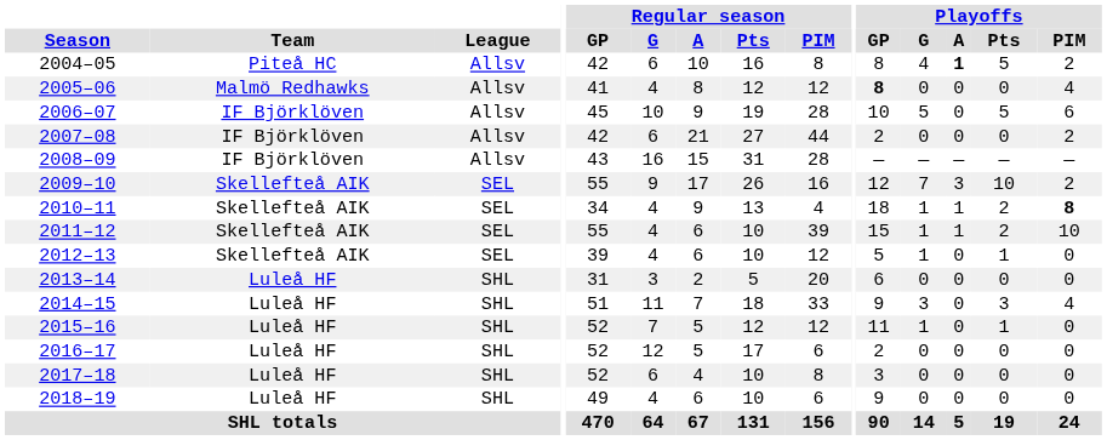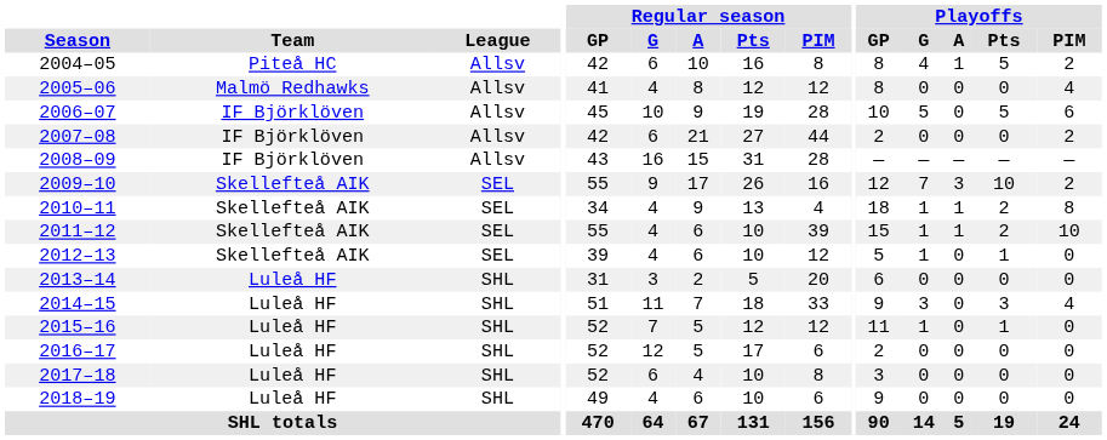 <table border="0" cellpadding="1" cellspacing="0" style="text-align:center; width:60em">
 <tr bgcolor="#e0e0e0">
 <th colspan="3" bgcolor="#ffffff"></th>
 <th rowspan="99" bgcolor="#ffffff"></th>
 <th colspan="5"><a href='#'>Regular season</a></th>
 <th rowspan="99" bgcolor="#ffffff"></th>
 <th colspan="5"><a href='#'>Playoffs</a></th>
 </tr>
 <tr bgcolor="#e0e0e0">
 <th><a href='#'>Season</a></th>
 <th>Team</th>
 <th>League</th>
 <th>GP</th>
 <th><a href='#'>G</a></th>
 <th><a href='#'>A</a></th>
 <th><a href='#'>Pts</a></th>
 <th><a href='#'>PIM</a></th>
 <th>GP</th>
 <th>G</th>
 <th>A</th>
 <th>Pts</th>
 <th>PIM</th>
 </tr>
 <tr>
 <td>2004–05</td>
 <td><a href='#'>Piteå HC</a></td>
 <td><a href='#'>Allsv</a></td>
 <td>42</td>
 <td>6</td>
 <td>10</td>
 <td>16</td>
 <td>8</td>
 <td>8</td>
 <td>4</td>
-<td><strong>1</strong></td>
+<td>1</td>
 <td>5</td>
 <td>2</td>
 </tr>
 <tr bgcolor="#f0f0f0">
 <td><a href='#'>2005–06</a></td>
 <td><a href='#'>Malmö Redhawks</a></td>
 <td>Allsv</td>
 <td>41</td>
 <td>4</td>
 <td>8</td>
 <td>12</td>
 <td>12</td>
-<td><strong>8</strong></td>
+<td>8</td>
 <td>0</td>
 <td>0</td>
 <td>0</td>
 <td>4</td>
 </tr>
 <tr>
 <td><a href='#'>2006–07</a></td>
 <td><a href='#'>IF Björklöven</a></td>
 <td>Allsv</td>
 <td>45</td>
 <td>10</td>
 <td>9</td>
 <td>19</td>
 <td>28</td>
 <td>10</td>
 <td>5</td>
 <td>0</td>
 <td>5</td>
 <td>6</td>
 </tr>
 <tr bgcolor="#f0f0f0">
 <td><a href='#'>2007–08</a></td>
 <td>IF Björklöven</td>
 <td>Allsv</td>
 <td>42</td>
 <td>6</td>
 <td>21</td>
 <td>27</td>
 <td>44</td>
 <td>2</td>
 <td>0</td>
 <td>0</td>
 <td>0</td>
 <td>2</td>
 </tr>
 <tr>
 <td><a href='#'>2008–09</a></td>
 <td>IF Björklöven</td>
 <td>Allsv</td>
 <td>43</td>
 <td>16</td>
 <td>15</td>
 <td>31</td>
 <td>28</td>
 <td>—</td>
 <td>—</td>
 <td>—</td>
 <td>—</td>
 <td>—</td>
 </tr>
 <tr bgcolor="#f0f0f0">
 <td><a href='#'>2009–10</a></td>
 <td><a href='#'>Skellefteå AIK</a></td>
 <td><a href='#'>SEL</a></td>
 <td>55</td>
 <td>9</td>
 <td>17</td>
 <td>26</td>
 <td>16</td>
 <td>12</td>
 <td>7</td>
 <td>3</td>
 <td>10</td>
 <td>2</td>
 </tr>
 <tr>
 <td><a href='#'>2010–11</a></td>
 <td>Skellefteå AIK</td>
 <td>SEL</td>
 <td>34</td>
 <td>4</td>
 <td>9</td>
 <td>13</td>
 <td>4</td>
 <td>18</td>
 <td>1</td>
 <td>1</td>
 <td>2</td>
-<td><strong>8</strong></td>
+<td>8</td>
 </tr>
 <tr bgcolor="#f0f0f0">
 <td><a href='#'>2011–12</a></td>
 <td>Skellefteå AIK</td>
 <td>SEL</td>
 <td>55</td>
 <td>4</td>
 <td>6</td>
 <td>10</td>
 <td>39</td>
 <td>15</td>
 <td>1</td>
 <td>1</td>
 <td>2</td>
 <td>10</td>
 </tr>
 <tr>
 <td><a href='#'>2012–13</a></td>
 <td>Skellefteå AIK</td>
 <td>SEL</td>
 <td>39</td>
 <td>4</td>
 <td>6</td>
 <td>10</td>
 <td>12</td>
 <td>5</td>
 <td>1</td>
 <td>0</td>
 <td>1</td>
 <td>0</td>
 </tr>
 <tr bgcolor="#f0f0f0">
 <td><a href='#'>2013–14</a></td>
 <td><a href='#'>Luleå HF</a></td>
 <td>SHL</td>
 <td>31</td>
 <td>3</td>
 <td>2</td>
 <td>5</td>
 <td>20</td>
 <td>6</td>
 <td>0</td>
 <td>0</td>
 <td>0</td>
 <td>0</td>
 </tr>
 <tr>
 <td><a href='#'>2014–15</a></td>
 <td>Luleå HF</td>
 <td>SHL</td>
 <td>51</td>
 <td>11</td>
 <td>7</td>
 <td>18</td>
 <td>33</td>
 <td>9</td>
 <td>3</td>
 <td>0</td>
 <td>3</td>
 <td>4</td>
 </tr>
 <tr bgcolor="#f0f0f0">
 <td><a href='#'>2015–16</a></td>
 <td>Luleå HF</td>
 <td>SHL</td>
 <td>52</td>
 <td>7</td>
 <td>5</td>
 <td>12</td>
 <td>12</td>
 <td>11</td>
 <td>1</td>
 <td>0</td>
 <td>1</td>
 <td>0</td>
 </tr>
 <tr>
 <td><a href='#'>2016–17</a></td>
 <td>Luleå HF</td>
 <td>SHL</td>
 <td>52</td>
 <td>12</td>
 <td>5</td>
 <td>17</td>
 <td>6</td>
 <td>2</td>
 <td>0</td>
 <td>0</td>
 <td>0</td>
 <td>0</td>
 </tr>
 <tr bgcolor="#f0f0f0">
 <td><a href='#'>2017–18</a></td>
 <td>Luleå HF</td>
 <td>SHL</td>
 <td>52</td>
 <td>6</td>
 <td>4</td>
 <td>10</td>
 <td>8</td>
 <td>3</td>
 <td>0</td>
 <td>0</td>
 <td>0</td>
 <td>0</td>
 </tr>
 <tr>
 <td><a href='#'>2018–19</a></td>
 <td>Luleå HF</td>
 <td>SHL</td>
 <td>49</td>
 <td>4</td>
 <td>6</td>
 <td>10</td>
 <td>6</td>
 <td>9</td>
 <td>0</td>
 <td>0</td>
 <td>0</td>
 <td>0</td>
 </tr>
 <tr bgcolor="#e0e0e0">
 <th colspan="3">SHL totals</th>
 <th>470</th>
 <th>64</th>
 <th>67</th>
 <th>131</th>
 <th>156</th>
 <th>90</th>
 <th>14</th>
 <th>5</th>
 <th>19</th>
 <th>24</th>
 </tr>
 </table>
